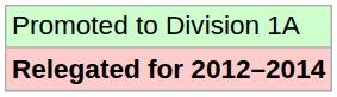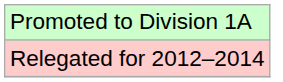 <table class="wikitable">
 <tr width=10px bgcolor="#ccffcc">
 <td>Promoted to Division 1A</td>
 </tr>
 <tr width=10px bgcolor="#ffcccc">
-<td><strong>Relegated for 2012–2014</strong></td>
+<td>Relegated for 2012–2014</td>
 </tr>
 <tr>
 </tr>
 </table>
